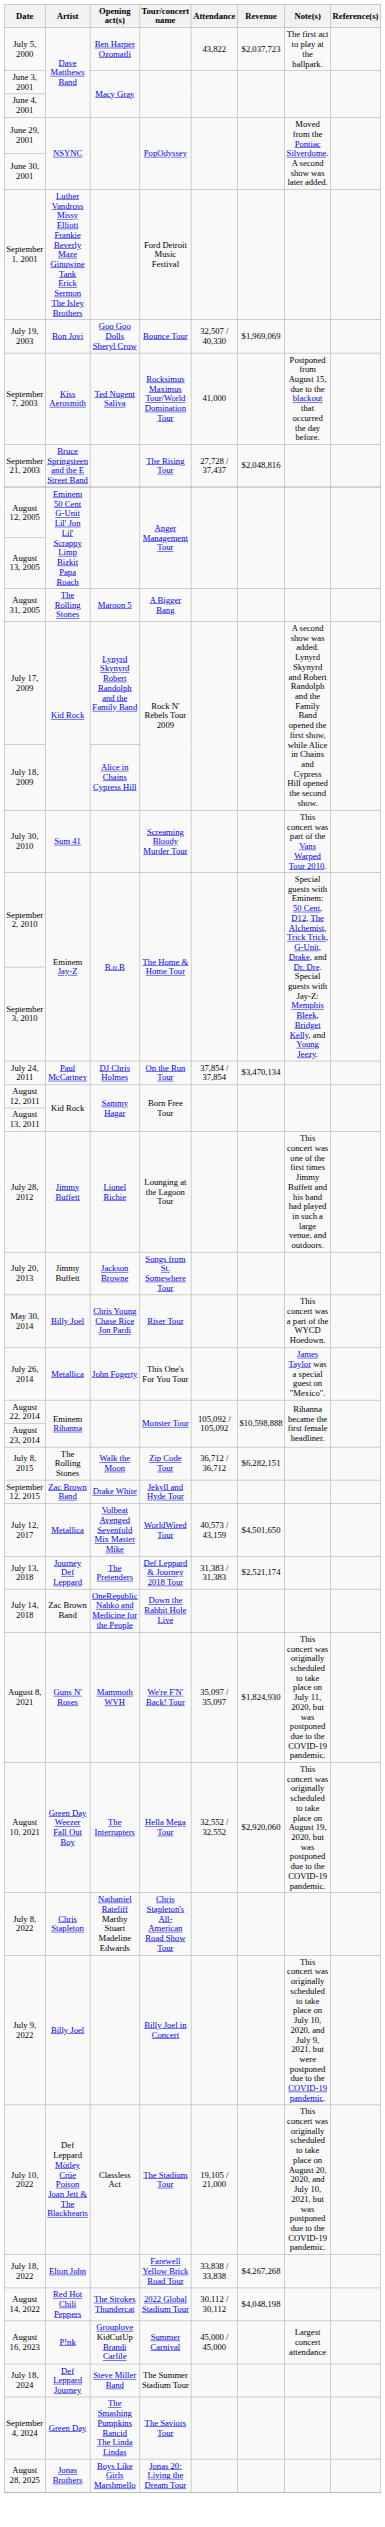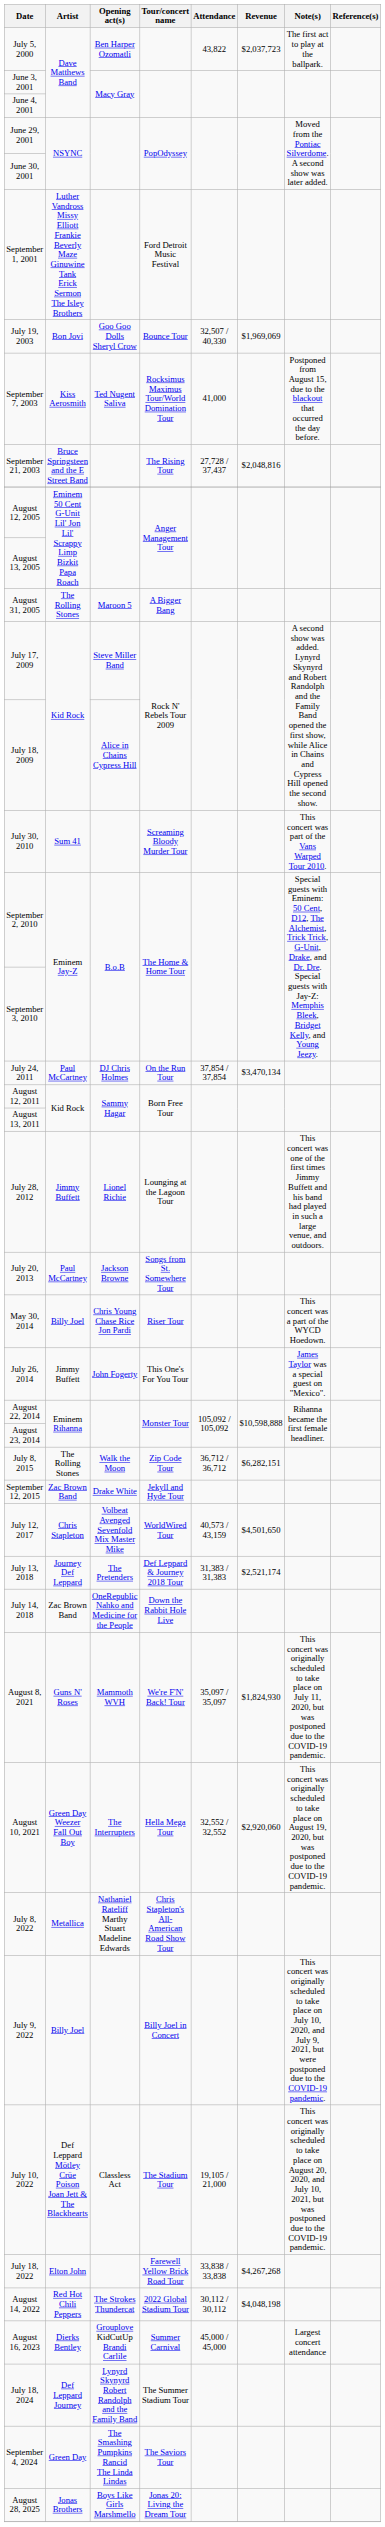 <table class="wikitable mw-collapsible autocollapse" style="text-align:center;">
 <tr>
 <th width=12% style="text-align:center;">Date</th>
 <th width=10% style="text-align:center;">Artist</th>
 <th width=10% style="text-align:center;">Opening act(s)</th>
 <th width=16% style="text-align:center;">Tour/concert name</th>
 <th width=10% style="text-align:center;">Attendance</th>
 <th width=10% style="text-align:center;">Revenue</th>
 <th width=20% style="text-align:center;">Note(s)</th>
 <th width=20% style="text-align:center;">Reference(s)</th>
 </tr>
 <tr>
 <td>July 5, 2000</td>
 <td rowspan="3"><a href='#'>Dave Matthews Band</a></td>
 <td><a href='#'>Ben Harper</a><br><a href='#'>Ozomatli</a></td>
 <td></td>
 <td>43,822</td>
 <td>$2,037,723</td>
 <td>The first act to play at the ballpark.</td>
 <td></td>
 </tr>
 <tr>
 <td>June 3, 2001</td>
 <td rowspan="2"><a href='#'>Macy Gray</a></td>
 <td rowspan="2"></td>
 <td rowspan="2"></td>
 <td rowspan="2"></td>
 <td rowspan="2"></td>
 <td rowspan="2"></td>
 </tr>
 <tr>
 <td>June 4, 2001</td>
 </tr>
 <tr>
 <td>June 29, 2001</td>
 <td rowspan="2"><a href='#'>NSYNC</a></td>
 <td rowspan="2"></td>
 <td rowspan="2"><a href='#'>PopOdyssey</a></td>
 <td rowspan="2"></td>
 <td rowspan="2"></td>
 <td rowspan="2">Moved from the <a href='#'>Pontiac Silverdome</a>. A second show was later added.</td>
 <td rowspan="2"></td>
 </tr>
 <tr>
 <td>June 30, 2001</td>
 </tr>
 <tr>
 <td>September 1, 2001</td>
 <td><a href='#'>Luther Vandross</a><br><a href='#'>Missy Elliott</a><br><a href='#'>Frankie Beverly</a><br><a href='#'>Maze</a><br><a href='#'>Ginuwine</a><br><a href='#'>Tank</a><br><a href='#'>Erick Sermon</a><br><a href='#'>The Isley Brothers</a></td>
 <td></td>
 <td>Ford Detroit Music Festival</td>
 <td></td>
 <td></td>
 <td></td>
 <td></td>
 </tr>
 <tr>
 <td>July 19, 2003</td>
 <td><a href='#'>Bon Jovi</a></td>
 <td><a href='#'>Goo Goo Dolls</a><br><a href='#'>Sheryl Crow</a></td>
 <td><a href='#'>Bounce Tour</a></td>
 <td>32,507 / 40,330</td>
 <td>$1,969,069</td>
 <td></td>
 <td></td>
 </tr>
 <tr>
 <td>September 7, 2003</td>
 <td><a href='#'>Kiss</a><br><a href='#'>Aerosmith</a></td>
 <td><a href='#'>Ted Nugent</a><br><a href='#'>Saliva</a></td>
 <td><a href='#'>Rocksimus Maximus Tour/World Domination Tour</a></td>
 <td>41,000</td>
 <td></td>
 <td>Postponed from August 15, due to the <a href='#'>blackout</a> that occurred the day before.</td>
 <td></td>
 </tr>
 <tr>
 <td>September 21, 2003</td>
 <td><a href='#'>Bruce Springsteen and the E Street Band</a></td>
 <td></td>
 <td><a href='#'>The Rising Tour</a></td>
 <td>27,728 / 37,437</td>
 <td>$2,048,816</td>
 <td></td>
 <td></td>
 </tr>
 <tr>
 </tr>
 <tr>
 <td>August 12, 2005</td>
 <td rowspan="2"><a href='#'>Eminem</a><br><a href='#'>50 Cent</a><br><a href='#'>G-Unit</a><br><a href='#'>Lil' Jon</a><br><a href='#'>Lil' Scrappy</a><br><a href='#'>Limp Bizkit</a><br><a href='#'>Papa Roach</a></td>
 <td rowspan="2"></td>
 <td rowspan="2"><a href='#'>Anger Management Tour</a></td>
 <td rowspan="2"></td>
 <td rowspan="2"></td>
 <td rowspan="2"></td>
 <td rowspan="2"></td>
 </tr>
 <tr>
 <td>August 13, 2005</td>
 </tr>
 <tr>
 <td>August 31, 2005</td>
 <td><a href='#'>The Rolling Stones</a></td>
 <td><a href='#'>Maroon 5</a></td>
 <td><a href='#'>A Bigger Bang</a></td>
 <td></td>
 <td></td>
 <td></td>
 <td></td>
 </tr>
 <tr>
 <td>July 17, 2009</td>
 <td rowspan="2"><a href='#'>Kid Rock</a></td>
-<td><a href='#'>Lynyrd Skynyrd</a><br><a href='#'>Robert Randolph and the Family Band</a></td>
+<td><a href='#'>Steve Miller Band</a></td>
 <td rowspan="2">Rock N' Rebels Tour 2009</td>
 <td rowspan="2"></td>
 <td rowspan="2"></td>
 <td rowspan="2">A second show was added. Lynyrd Skynyrd and Robert Randolph and the Family Band opened the first show, while Alice in Chains and Cypress Hill opened the second show.</td>
 <td rowspan="2"></td>
 </tr>
 <tr>
 <td>July 18, 2009</td>
 <td><a href='#'>Alice in Chains</a><br><a href='#'>Cypress Hill</a></td>
 </tr>
 <tr>
 <td>July 30, 2010</td>
 <td><a href='#'>Sum 41</a></td>
 <td></td>
 <td><a href='#'>Screaming Bloody Murder Tour</a></td>
 <td></td>
 <td></td>
 <td>This concert was part of the <a href='#'>Vans Warped Tour 2010</a>.</td>
 <td></td>
 </tr>
 <tr>
 <td>September 2, 2010</td>
 <td rowspan="2">Eminem<br><a href='#'>Jay-Z</a></td>
 <td rowspan="2"><a href='#'>B.o.B</a></td>
 <td rowspan="2"><a href='#'>The Home & Home Tour</a></td>
 <td rowspan="2"></td>
 <td rowspan="2"></td>
 <td rowspan="2">Special guests with Eminem: <a href='#'>50 Cent</a>, <a href='#'>D12</a>, <a href='#'>The Alchemist</a>, <a href='#'>Trick Trick</a>, <a href='#'>G-Unit</a>, <a href='#'>Drake</a>, and <a href='#'>Dr. Dre</a>. Special guests with Jay-Z: <a href='#'>Memphis Bleek</a>, <a href='#'>Bridget Kelly</a>, and <a href='#'>Young Jeezy</a>.</td>
 <td rowspan="2"></td>
 </tr>
 <tr>
 <td>September 3, 2010</td>
 </tr>
 <tr>
 <td>July 24, 2011</td>
 <td><a href='#'>Paul McCartney</a></td>
 <td><a href='#'>DJ Chris Holmes</a></td>
 <td><a href='#'>On the Run Tour</a></td>
 <td>37,854 / 37,854</td>
 <td>$3,470,134</td>
 <td></td>
 <td></td>
 </tr>
 <tr>
 <td>August 12, 2011</td>
 <td rowspan="2">Kid Rock</td>
 <td rowspan="2"><a href='#'>Sammy Hagar</a></td>
 <td rowspan="2">Born Free Tour</td>
 <td rowspan="2"></td>
 <td rowspan="2"></td>
 <td rowspan="2"></td>
 <td rowspan="2"></td>
 </tr>
 <tr>
 <td>August 13, 2011</td>
 </tr>
 <tr>
 <td>July 28, 2012</td>
 <td><a href='#'>Jimmy Buffett</a></td>
 <td><a href='#'>Lionel Richie</a></td>
 <td>Lounging at the Lagoon Tour</td>
 <td></td>
 <td></td>
 <td>This concert was one of the first times Jimmy Buffett and his band had played in such a large venue, and outdoors.</td>
 <td></td>
 </tr>
 <tr>
 <td>July 20, 2013</td>
-<td>Jimmy Buffett</td>
+<td><a href='#'>Paul McCartney</a></td>
 <td><a href='#'>Jackson Browne</a></td>
 <td><a href='#'>Songs from St. Somewhere Tour</a></td>
 <td></td>
 <td></td>
 <td></td>
 <td></td>
 </tr>
 <tr>
 <td>May 30, 2014</td>
 <td><a href='#'>Billy Joel</a></td>
 <td><a href='#'>Chris Young</a><br><a href='#'>Chase Rice</a><br><a href='#'>Jon Pardi</a></td>
 <td><a href='#'>Riser Tour</a></td>
 <td></td>
 <td></td>
 <td>This concert was a part of the WYCD Hoedown.</td>
 <td></td>
 </tr>
 <tr>
 <td>July 26, 2014</td>
-<td><a href='#'>Metallica</a></td>
+<td>Jimmy Buffett</td>
 <td><a href='#'>John Fogerty</a></td>
 <td>This One's For You Tour</td>
 <td></td>
 <td></td>
 <td><a href='#'>James Taylor</a> was a special guest on "Mexico".</td>
 <td></td>
 </tr>
 <tr>
 <td>August 22, 2014</td>
 <td rowspan="2">Eminem<br><a href='#'>Rihanna</a></td>
 <td rowspan="2"></td>
 <td rowspan="2"><a href='#'>Monster Tour</a></td>
 <td rowspan="2">105,092 / 105,092</td>
 <td rowspan="2">$10,598,888</td>
 <td rowspan="2">Rihanna became the first female headliner.</td>
 <td rowspan="2"></td>
 </tr>
 <tr>
 <td>August 23, 2014</td>
 </tr>
 <tr>
 <td>July 8, 2015</td>
 <td>The Rolling Stones</td>
 <td><a href='#'>Walk the Moon</a></td>
 <td><a href='#'>Zip Code Tour</a></td>
 <td>36,712 / 36,712</td>
 <td>$6,282,151</td>
 <td></td>
 <td></td>
 </tr>
 <tr>
 <td>September 12, 2015</td>
 <td><a href='#'>Zac Brown Band</a></td>
 <td><a href='#'>Drake White</a></td>
 <td><a href='#'>Jekyll and Hyde Tour</a></td>
 <td></td>
 <td></td>
 <td></td>
 <td></td>
 </tr>
 <tr>
 <td>July 12, 2017</td>
-<td><a href='#'>Metallica</a></td>
+<td><a href='#'>Chris Stapleton</a></td>
 <td><a href='#'>Volbeat</a><br><a href='#'>Avenged Sevenfold</a><br><a href='#'>Mix Master Mike</a></td>
 <td><a href='#'>WorldWired Tour</a></td>
 <td>40,573 / 43,159</td>
 <td>$4,501,650</td>
 <td></td>
 <td></td>
 </tr>
 <tr>
 <td>July 13, 2018</td>
 <td><a href='#'>Journey</a><br><a href='#'>Def Leppard</a></td>
 <td><a href='#'>The Pretenders</a></td>
 <td><a href='#'>Def Leppard & Journey 2018 Tour</a></td>
 <td>31,383 / 31,383</td>
 <td>$2,521,174</td>
 <td></td>
 <td></td>
 </tr>
 <tr>
 <td>July 14, 2018</td>
 <td>Zac Brown Band</td>
 <td><a href='#'>OneRepublic</a><br><a href='#'>Nahko and Medicine for the People</a></td>
 <td><a href='#'>Down the Rabbit Hole Live</a></td>
 <td></td>
 <td></td>
 <td></td>
 <td></td>
 </tr>
 <tr>
 <td>August 8, 2021</td>
 <td><a href='#'>Guns N' Roses</a></td>
 <td><a href='#'>Mammoth WVH</a></td>
 <td><a href='#'>We're F'N' Back! Tour</a></td>
 <td>35,097 / 35,097</td>
 <td>$1,824,930</td>
 <td>This concert was originally scheduled to take place on July 11, 2020, but was postponed due to the COVID-19 pandemic.</td>
 <td></td>
 </tr>
 <tr>
 <td>August 10, 2021</td>
 <td><a href='#'>Green Day</a><br><a href='#'>Weezer</a><br><a href='#'>Fall Out Boy</a></td>
 <td><a href='#'>The Interrupters</a></td>
 <td><a href='#'>Hella Mega Tour</a></td>
 <td>32,552 / 32,552</td>
 <td>$2,920,060</td>
 <td>This concert was originally scheduled to take place on August 19, 2020, but was postponed due to the COVID-19 pandemic.</td>
 <td></td>
 </tr>
 <tr>
 <td>July 8, 2022</td>
-<td><a href='#'>Chris Stapleton</a></td>
+<td><a href='#'>Metallica</a></td>
 <td><a href='#'>Nathaniel Rateliff</a><br>Marthy Stuart<br>Madeline Edwards</td>
 <td><a href='#'>Chris Stapleton's All-American Road Show Tour</a></td>
 <td></td>
 <td></td>
 <td></td>
 <td></td>
 </tr>
 <tr>
 <td>July 9, 2022</td>
 <td><a href='#'>Billy Joel</a></td>
 <td></td>
 <td><a href='#'>Billy Joel in Concert</a></td>
 <td></td>
 <td></td>
 <td>This concert was originally scheduled to take place on July 10, 2020, and July 9, 2021, but were postponed due to the <a href='#'>COVID-19 pandemic</a>.</td>
 <td></td>
 </tr>
 <tr>
 <td>July 10, 2022</td>
 <td>Def Leppard<br><a href='#'>Mötley Crüe</a><br><a href='#'>Poison</a><br><a href='#'>Joan Jett & The Blackhearts</a></td>
 <td>Classless Act</td>
 <td><a href='#'>The Stadium Tour</a></td>
 <td>19,105 / 21,000</td>
 <td></td>
 <td>This concert was originally scheduled to take place on August 20, 2020, and July 10, 2021, but was postponed due to the COVID-19 pandemic.</td>
 <td></td>
 </tr>
 <tr>
 <td>July 18, 2022</td>
 <td><a href='#'>Elton John</a></td>
 <td></td>
 <td><a href='#'>Farewell Yellow Brick Road Tour</a></td>
 <td>33,838 / 33,838</td>
 <td>$4,267,268</td>
 <td></td>
 <td></td>
 </tr>
 <tr>
 <td>August 14, 2022</td>
 <td><a href='#'>Red Hot Chili Peppers</a></td>
 <td><a href='#'>The Strokes</a><br><a href='#'>Thundercat</a></td>
 <td><a href='#'>2022 Global Stadium Tour</a></td>
 <td>30,112 / 30,112</td>
 <td>$4,048,198</td>
 <td></td>
 <td></td>
 </tr>
 <tr>
 <td>August 16, 2023</td>
-<td><a href='#'>P!nk</a></td>
+<td><a href='#'>Dierks Bentley</a></td>
 <td><a href='#'>Grouplove</a><br>KidCutUp<br><a href='#'>Brandi Carlile</a></td>
 <td><a href='#'>Summer Carnival</a></td>
 <td>45,000 / 45,000</td>
 <td></td>
 <td>Largest concert attendance</td>
 <td></td>
 </tr>
 <tr>
 <td>July 18, 2024</td>
 <td><a href='#'>Def Leppard</a><br><a href='#'>Journey</a></td>
-<td><a href='#'>Steve Miller Band</a></td>
+<td><a href='#'>Lynyrd Skynyrd</a><br><a href='#'>Robert Randolph and the Family Band</a></td>
 <td>The Summer Stadium Tour</td>
 <td></td>
 <td></td>
 <td></td>
 <td></td>
 </tr>
 <tr>
 <td>September 4, 2024</td>
 <td><a href='#'>Green Day</a></td>
 <td><a href='#'>The Smashing Pumpkins</a><br><a href='#'>Rancid</a><br><a href='#'>The Linda Lindas</a></td>
 <td><a href='#'>The Saviors Tour</a></td>
 <td></td>
 <td></td>
 <td></td>
 <td></td>
 </tr>
 <tr>
 <td>August 28, 2025</td>
 <td><a href='#'>Jonas Brothers</a></td>
 <td><a href='#'>Boys Like Girls</a><br><a href='#'>Marshmello</a></td>
 <td><a href='#'>Jonas 20: Living the Dream Tour</a></td>
 <td></td>
 <td></td>
 <td></td>
 <td></td>
 </tr>
 <tr>
 </tr>
 </table>
